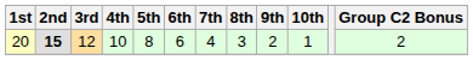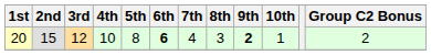 <table class="wikitable" style="font-size: 85%; text-align:center">
 <tr>
 </tr>
 <tr>
 <th>1st</th>
 <th>2nd</th>
 <th>3rd</th>
 <th>4th</th>
 <th>5th</th>
 <th>6th</th>
 <th>7th</th>
 <th>8th</th>
 <th>9th</th>
 <th>10th</th>
 <th rowspan=4></th>
 <th>Group C2 Bonus</th>
 </tr>
 <tr>
 <td style="background:#FFFFBF;">20</td>
-<td style="background:#DFDFDF;"><strong>15</strong></td>
+<td style="background:#DFDFDF;">15</td>
 <td style="background:#FFDF9F;">12</td>
 <td style="background:#DFFFDF;">10</td>
 <td style="background:#DFFFDF;">8</td>
-<td style="background:#DFFFDF;">6</td>
+<td style="background:#DFFFDF;"><strong>6</strong></td>
 <td style="background:#DFFFDF;">4</td>
 <td style="background:#DFFFDF;">3</td>
-<td style="background:#DFFFDF;">2</td>
+<td style="background:#DFFFDF;"><strong>2</strong></td>
 <td style="background:#DFFFDF;">1</td>
 <td style="background:#DFFFDF;">2</td>
 </tr>
 <tr>
 </tr>
 </table>
